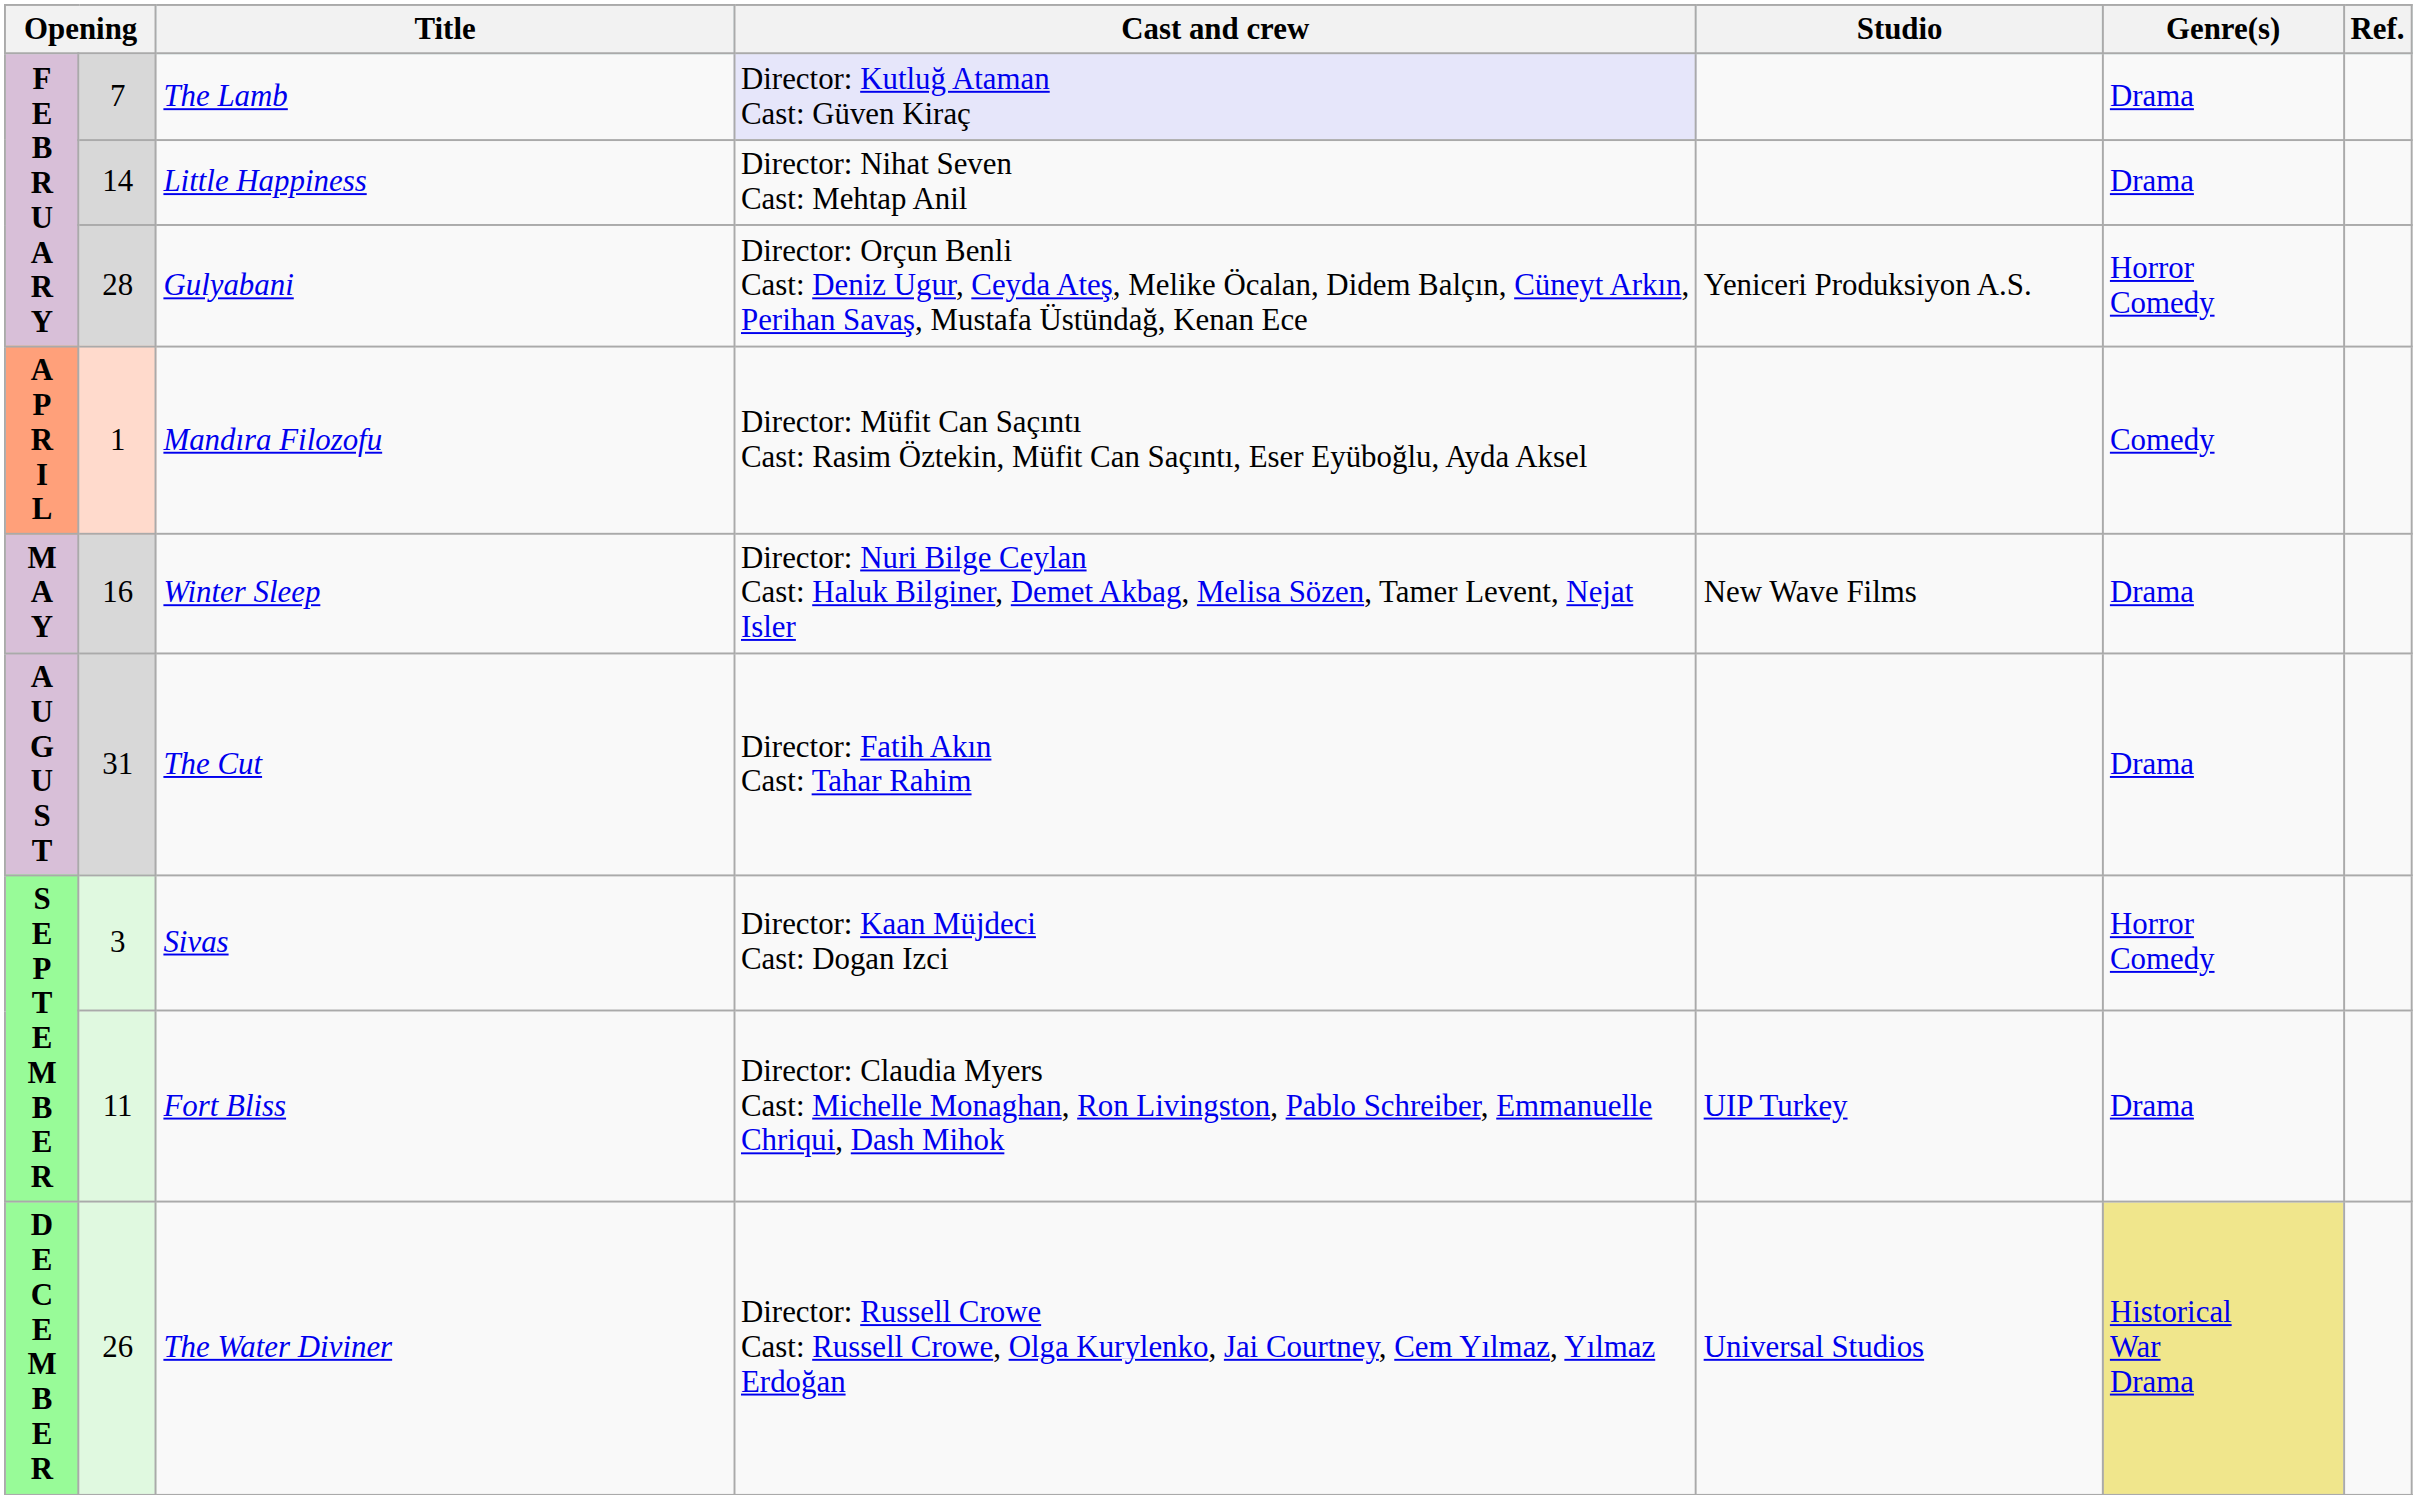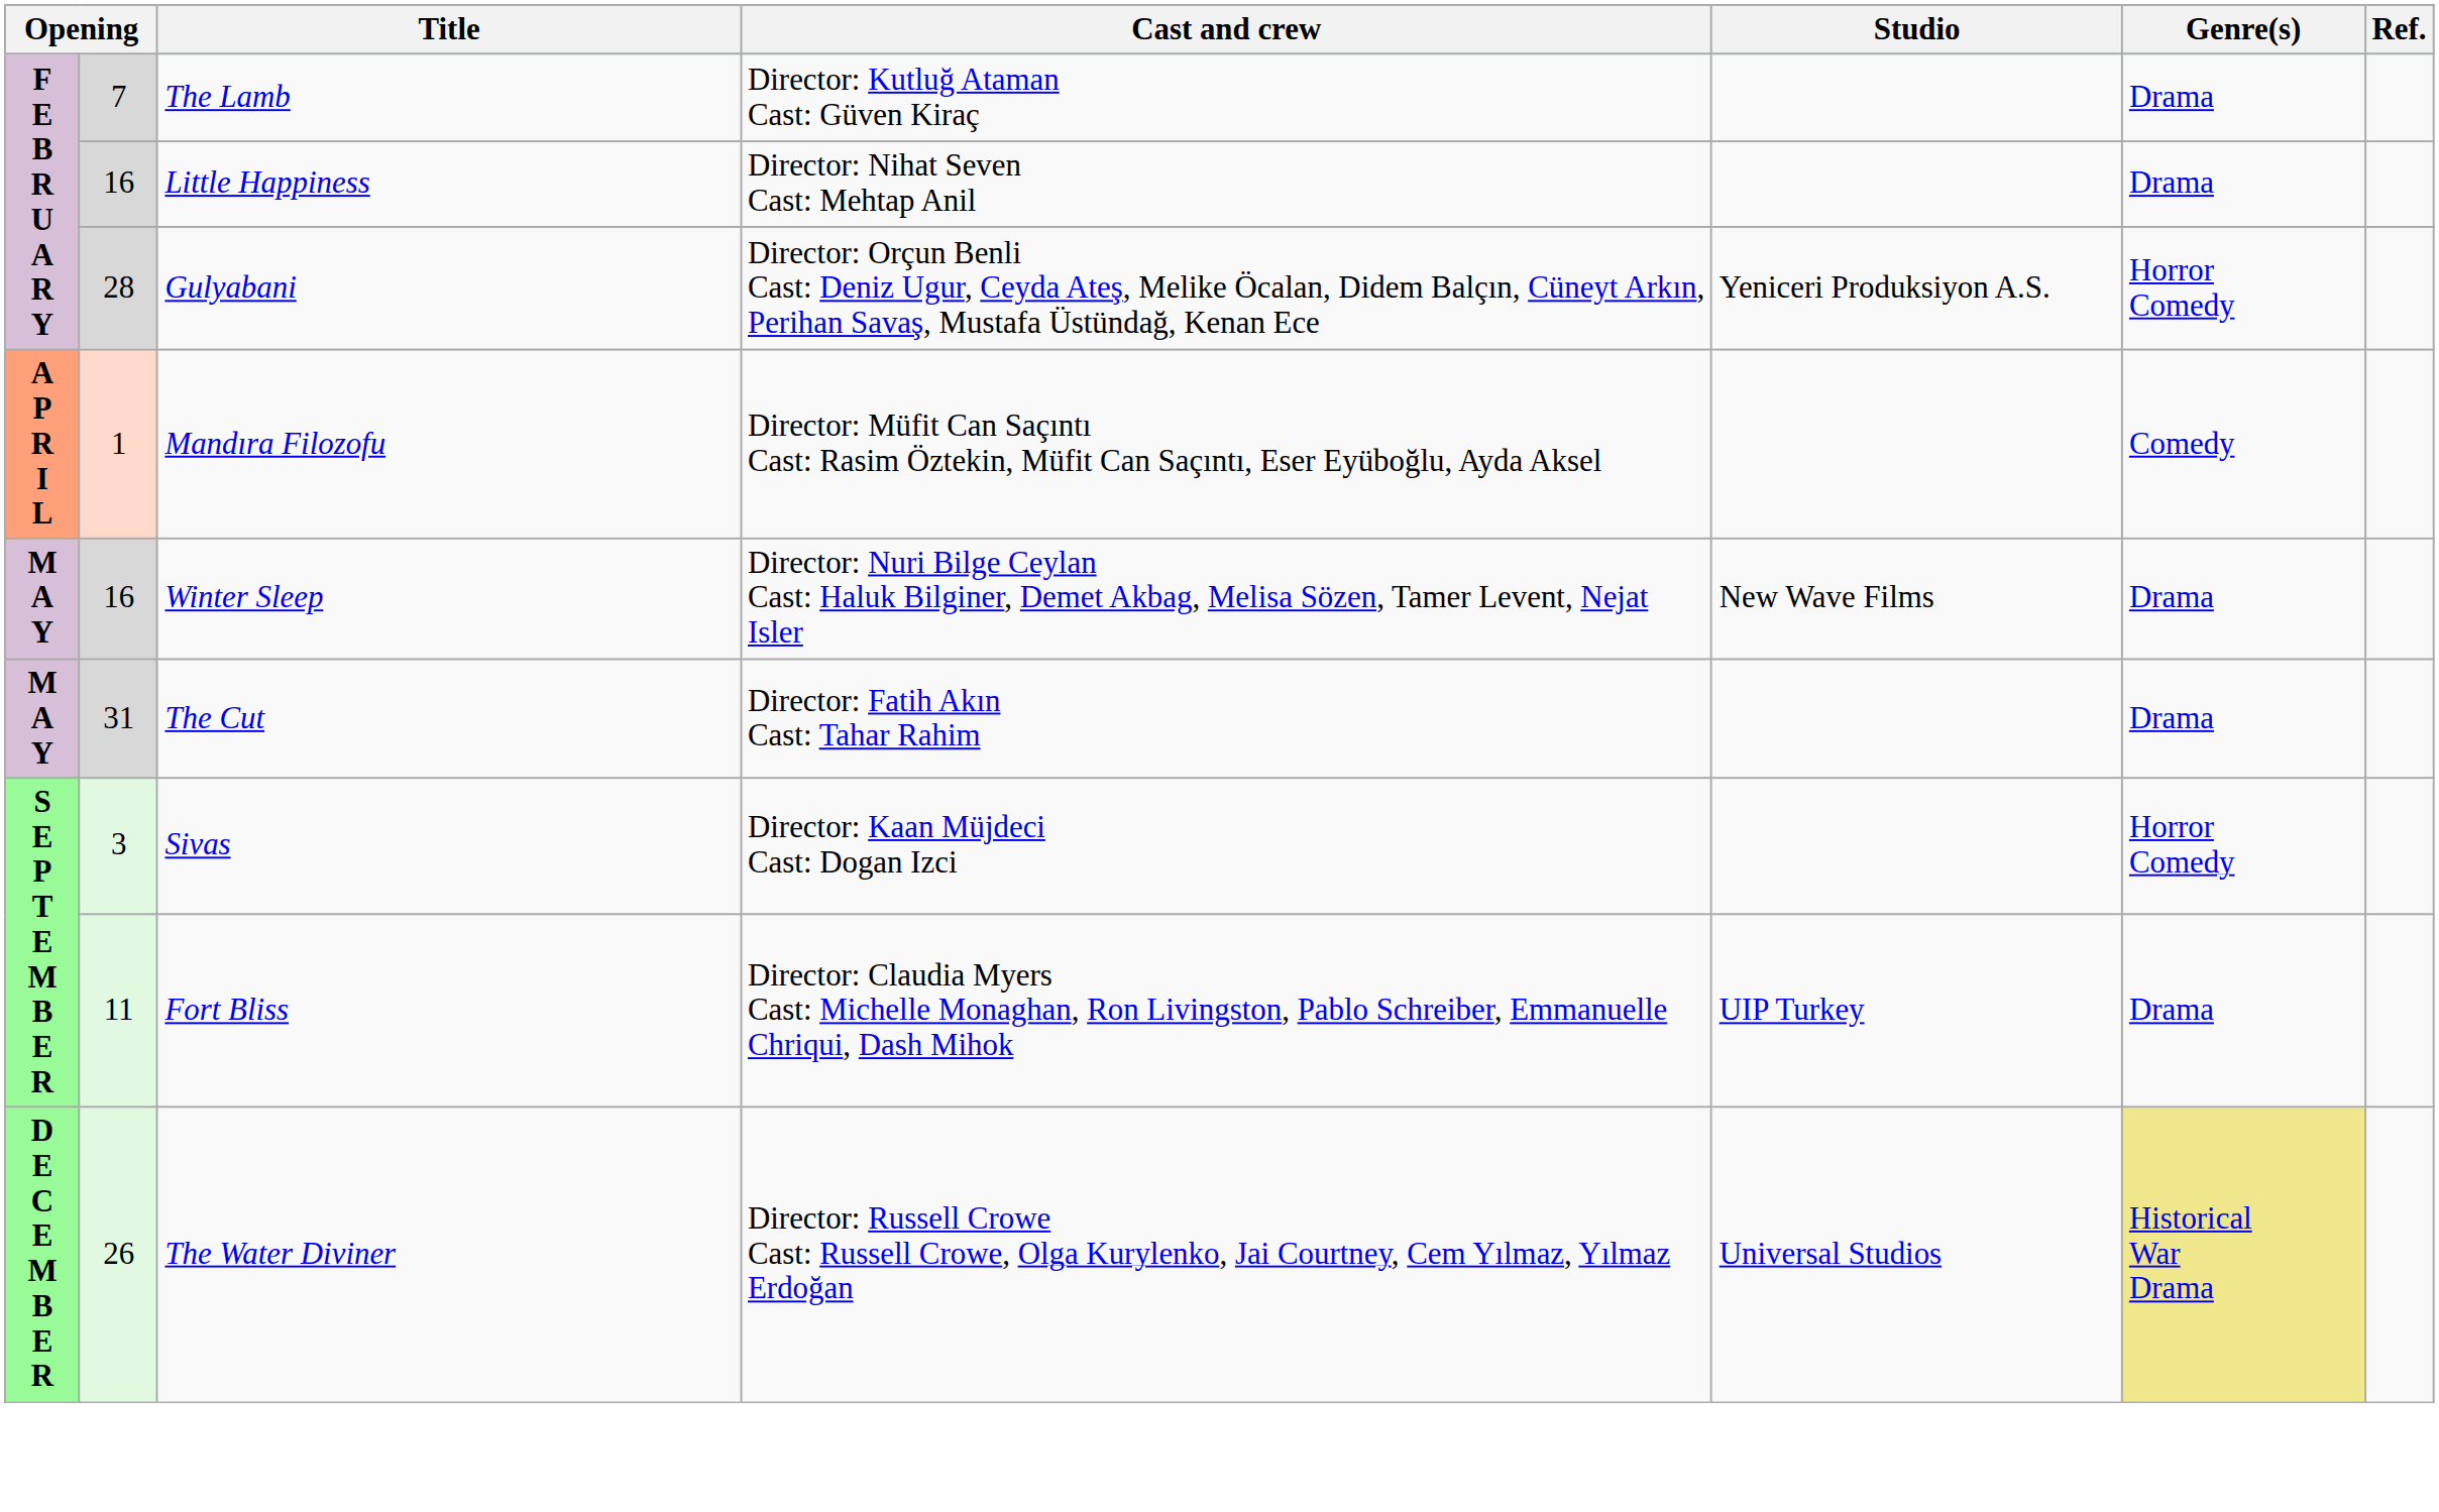 <table class="wikitable">
 <tr style="background:#b0e0e6; text-align:center;">
 <th colspan="2">Opening</th>
 <th style="width:24%;">Title</th>
 <th style="width:40%;">Cast and crew</th>
 <th>Studio</th>
 <th style="width:10%;">Genre(s)</th>
 <th style="width:2%;">Ref.</th>
 </tr>
 <tr>
 <th rowspan="3" style="text-align:center; background:thistle; textcolor:#000;">F<br>E<br>B<br>R<br>U<br>A<br>R<br>Y</th>
 <td rowspan="1" style="text-align:center; background:#d8d8d8;">7</td>
 <td><em><a href='#'>The Lamb</a></em></td>
-<td style="background: lavender;">Director: <a href='#'>Kutluğ Ataman</a> <br> Cast: Güven Kiraç</td>
+<td>Director: <a href='#'>Kutluğ Ataman</a> <br> Cast: Güven Kiraç</td>
 <td></td>
 <td><a href='#'>Drama</a></td>
 <td style="text-align:center"></td>
 </tr>
 <tr>
-<td rowspan="1" style="text-align:center; background:#d8d8d8;">14</td>
+<td rowspan="1" style="text-align:center; background:#d8d8d8;">16</td>
 <td><em><a href='#'>Little Happiness</a></em></td>
 <td>Director: Nihat Seven <br> Cast: Mehtap Anil</td>
 <td></td>
 <td><a href='#'>Drama</a></td>
 <td style="text-align:center"></td>
 </tr>
 <tr>
 <td rowspan="1" style="text-align:center; background:#d8d8d8;">28</td>
 <td><em><a href='#'>Gulyabani</a></em></td>
 <td>Director: Orçun Benli <br> Cast: <a href='#'>Deniz Ugur</a>, <a href='#'>Ceyda Ateş</a>, Melike Öcalan, Didem Balçın, <a href='#'>Cüneyt Arkın</a>, <a href='#'>Perihan Savaş</a>, Mustafa Üstündağ, Kenan Ece</td>
 <td>Yeniceri Produksiyon A.S.</td>
 <td><a href='#'>Horror</a> <br> <a href='#'>Comedy</a></td>
 <td style="text-align:center"></td>
 </tr>
 <tr>
 <th rowspan="1" style="text-align:center; background:#ffa07a; textcolor:#000;">A<br>P<br>R<br>I<br>L</th>
 <td rowspan="1" style="text-align:center; background:#ffdacc;">1</td>
 <td><em><a href='#'>Mandıra Filozofu</a></em></td>
 <td>Director: Müfit Can Saçıntı <br> Cast: Rasim Öztekin, Müfit Can Saçıntı, Eser Eyüboğlu, Ayda Aksel</td>
 <td></td>
 <td><a href='#'>Comedy</a></td>
 <td style="text-align:center"></td>
 </tr>
 <tr>
 <th rowspan="1" style="text-align:center; background:thistle; textcolor:#000;">M<br>A<br>Y</th>
 <td rowspan="1" style="text-align:center; background:#d8d8d8;">16</td>
 <td><em><a href='#'>Winter Sleep</a></em></td>
 <td>Director: <a href='#'>Nuri Bilge Ceylan</a> <br> Cast: <a href='#'>Haluk Bilginer</a>, <a href='#'>Demet Akbag</a>, <a href='#'>Melisa Sözen</a>, Tamer Levent, <a href='#'>Nejat Isler</a></td>
 <td>New Wave Films</td>
 <td><a href='#'>Drama</a></td>
 <td style="text-align:center"></td>
 </tr>
 <tr>
-<th rowspan="1" style="text-align:center; background:thistle; textcolor:#000;">A<br>U<br>G<br>U<br>S<br>T</th>
+<th rowspan="1" style="text-align:center; background:thistle; textcolor:#000;">M<br>A<br>Y</th>
 <td rowspan="1" style="text-align:center; background:#d8d8d8;">31</td>
 <td><em><a href='#'>The Cut</a></em></td>
 <td>Director: <a href='#'>Fatih Akın</a> <br> Cast: <a href='#'>Tahar Rahim</a></td>
 <td></td>
 <td><a href='#'>Drama</a></td>
 <td style="text-align:center"></td>
 </tr>
 <tr>
 <th rowspan="2" style="text-align:center; background:#98fb98; textcolor:#000;">S<br>E<br>P<br>T<br>E<br>M<br>B<br>E<br>R</th>
 <td rowspan="1" style="text-align:center; background:#e0f9e0;">3</td>
 <td><em><a href='#'>Sivas</a></em></td>
 <td>Director: <a href='#'>Kaan Müjdeci</a> <br> Cast: Dogan Izci</td>
 <td></td>
 <td><a href='#'>Horror</a> <br> <a href='#'>Comedy</a></td>
 <td style="text-align:center"></td>
 </tr>
 <tr>
 <td rowspan="1" style="text-align:center; background:#e0f9e0;">11</td>
 <td><em><a href='#'>Fort Bliss</a></em></td>
 <td>Director: Claudia Myers <br> Cast: <a href='#'>Michelle Monaghan</a>, <a href='#'>Ron Livingston</a>, <a href='#'>Pablo Schreiber</a>, <a href='#'>Emmanuelle Chriqui</a>, <a href='#'>Dash Mihok</a></td>
 <td><a href='#'>UIP Turkey</a></td>
 <td><a href='#'>Drama</a></td>
 <td style="text-align:center"></td>
 </tr>
 <tr>
 <th rowspan="1" style="text-align:center; background:#98fb98; textcolor:#000;">D<br>E<br>C<br>E<br>M<br>B<br>E<br>R</th>
 <td rowspan="1" style="text-align:center; background:#e0f9e0;">26</td>
 <td><em><a href='#'>The Water Diviner</a></em></td>
 <td>Director: <a href='#'>Russell Crowe</a> <br> Cast: <a href='#'>Russell Crowe</a>, <a href='#'>Olga Kurylenko</a>, <a href='#'>Jai Courtney</a>, <a href='#'>Cem Yılmaz</a>, <a href='#'>Yılmaz Erdoğan</a></td>
 <td><a href='#'>Universal Studios</a></td>
 <td style="background: khaki;"><a href='#'>Historical</a> <br> <a href='#'>War</a> <br> <a href='#'>Drama</a></td>
 <td style="text-align:center"></td>
 </tr>
 <tr>
 </tr>
 </table>
